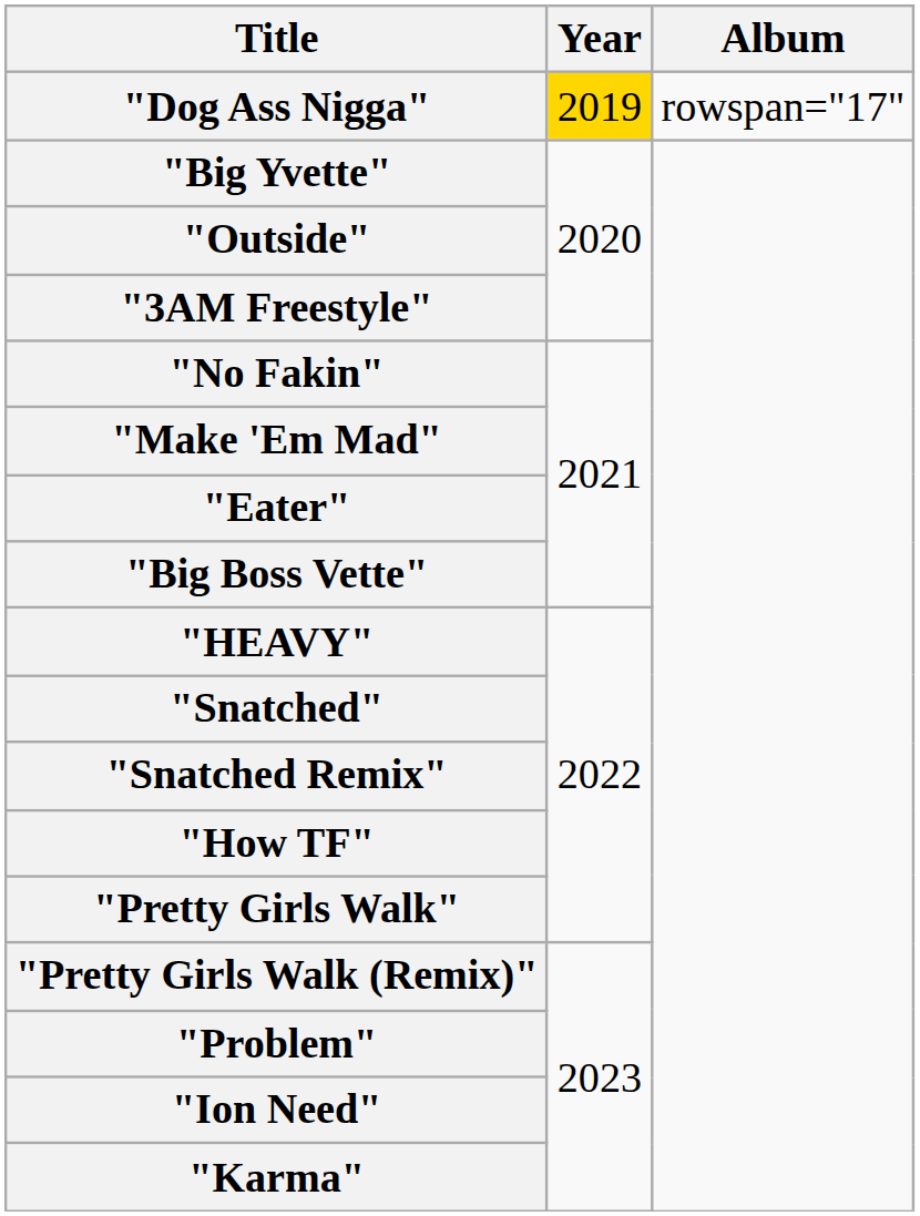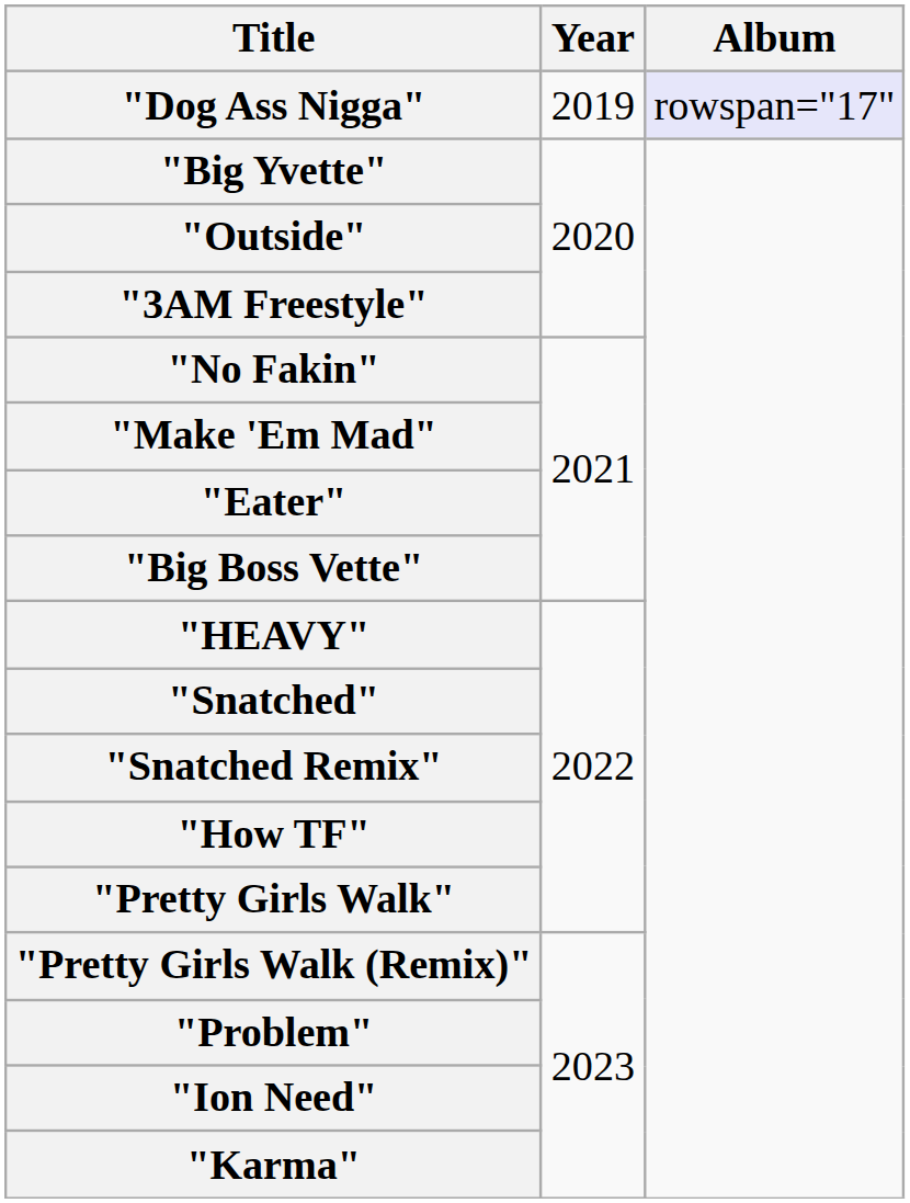 <table class="wikitable plainrowheaders" style="text-align:center;">
 <tr>
 <th scope="col">Title</th>
 <th scope="col">Year</th>
 <th scope="col">Album</th>
 </tr>
 <tr>
 <th scope="row">"Dog Ass Nigga"</th>
-<td rowspan="1" style="background: gold;">2019</td>
-<td>rowspan="17" </td>
+<td rowspan="1">2019</td>
+<td style="background: lavender;">rowspan="17" </td>
 </tr>
 <tr>
 <th scope="row">"Big Yvette"</th>
 <td rowspan="3">2020</td>
 </tr>
 <tr>
 <th scope="row">"Outside"</th>
 </tr>
 <tr>
 <th scope="row">"3AM Freestyle"</th>
 </tr>
 <tr>
 <th scope="row">"No Fakin"</th>
 <td rowspan="4">2021</td>
 </tr>
 <tr>
 <th scope="row">"Make 'Em Mad"</th>
 </tr>
 <tr>
 <th scope="row">"Eater"</th>
 </tr>
 <tr>
 <th scope="row">"Big Boss Vette"</th>
 </tr>
 <tr>
 <th scope="row">"HEAVY"</th>
 <td rowspan="5">2022</td>
 </tr>
 <tr>
 <th scope="row">"Snatched"</th>
 </tr>
 <tr>
 <th scope="row">"Snatched Remix" <br></th>
 </tr>
 <tr>
 <th scope="row">"How TF" <br></th>
 </tr>
 <tr>
 <th scope="row">"Pretty Girls Walk"</th>
 </tr>
 <tr>
 <th scope="row">"Pretty Girls Walk (Remix)"<br></th>
 <td rowspan="4">2023</td>
 </tr>
 <tr>
 <th scope="row">"Problem"</th>
 </tr>
 <tr>
 <th scope="row">"Ion Need"</th>
 </tr>
 <tr>
 <th scope="row">"Karma"</th>
 </tr>
 <tr>
 </tr>
 </table>
